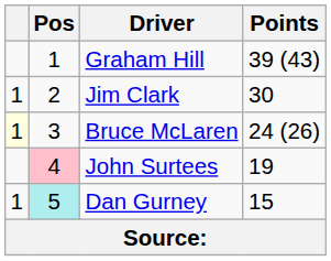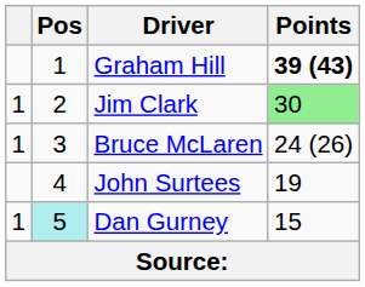 <table class="wikitable" style="font-size: 95%;">
 <tr>
 <th></th>
 <th>Pos</th>
 <th>Driver</th>
 <th>Points</th>
 </tr>
 <tr>
 <td align="left"></td>
 <td align="center">1</td>
 <td> <a href='#'>Graham Hill</a></td>
-<td align="left">39 (43)</td>
+<td align="left"><strong>39 (43)</strong></td>
 </tr>
 <tr>
 <td align="left"> 1</td>
 <td align="center">2</td>
 <td> <a href='#'>Jim Clark</a></td>
-<td align="left">30</td>
+<td align="left" style="background: lightgreen;">30</td>
 </tr>
 <tr>
-<td align="left" style="background: lightyellow;"> 1</td>
+<td align="left"> 1</td>
 <td align="center">3</td>
 <td> <a href='#'>Bruce McLaren</a></td>
 <td align="left">24 (26)</td>
 </tr>
 <tr>
 <td align="left"></td>
-<td align="center" style="background: pink;">4</td>
+<td align="center">4</td>
 <td> <a href='#'>John Surtees</a></td>
 <td align="left">19</td>
 </tr>
 <tr>
 <td align="left"> 1</td>
 <td align="center" style="background: paleturquoise;">5</td>
 <td> <a href='#'>Dan Gurney</a></td>
 <td align="left">15</td>
 </tr>
 <tr>
 <th colspan=4>Source:</th>
 </tr>
 </table>
